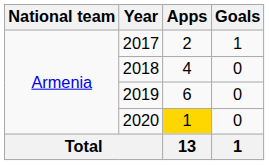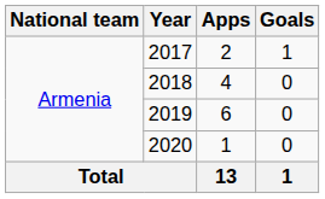 <table class="wikitable" style="text-align:center">
 <tr>
 <th>National team</th>
 <th>Year</th>
 <th>Apps</th>
 <th>Goals</th>
 </tr>
 <tr>
 <td rowspan="4"><a href='#'>Armenia</a></td>
 <td>2017</td>
 <td>2</td>
 <td>1</td>
 </tr>
 <tr>
 <td>2018</td>
 <td>4</td>
 <td>0</td>
 </tr>
 <tr>
 <td>2019</td>
 <td>6</td>
 <td>0</td>
 </tr>
 <tr>
 <td>2020</td>
-<td style="background: gold;">1</td>
+<td>1</td>
 <td>0</td>
 </tr>
 <tr>
 <th colspan="2">Total</th>
 <th>13</th>
 <th>1</th>
 </tr>
 </table>
